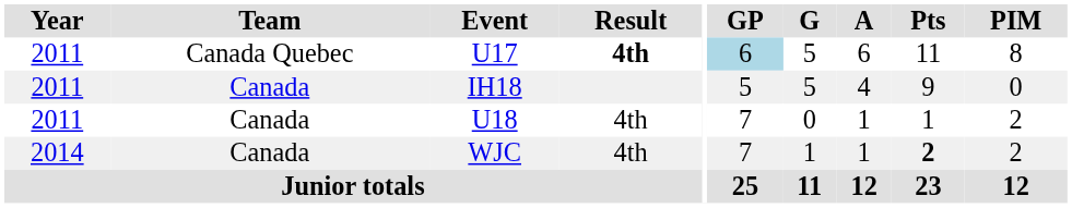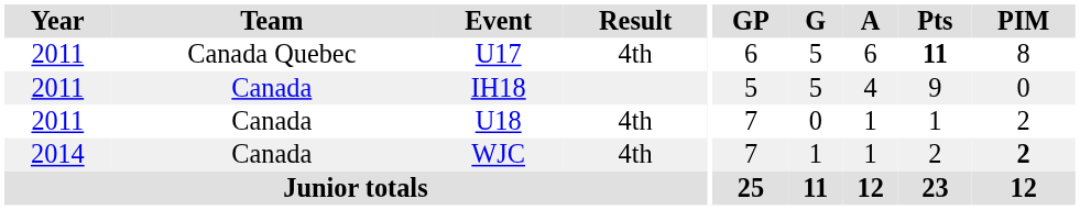 <table border="0" cellpadding="1" cellspacing="0" ID="Table3" style="text-align:center; width:40em">
 <tr ALIGN="center" bgcolor="#e0e0e0">
 <th>Year</th>
 <th>Team</th>
 <th>Event</th>
 <th>Result</th>
 <th rowspan="99" bgcolor="#ffffff"></th>
 <th>GP</th>
 <th>G</th>
 <th>A</th>
 <th>Pts</th>
 <th>PIM</th>
 </tr>
 <tr>
 <td><a href='#'>2011</a></td>
 <td>Canada Quebec</td>
 <td><a href='#'>U17</a></td>
-<td><strong>4th</strong></td>
-<td style="background: lightblue;">6</td>
+<td>4th</td>
+<td>6</td>
 <td>5</td>
 <td>6</td>
-<td>11</td>
+<td><strong>11</strong></td>
 <td>8</td>
 </tr>
 <tr bgcolor="#f0f0f0">
 <td><a href='#'>2011</a></td>
 <td><a href='#'>Canada</a></td>
 <td><a href='#'>IH18</a></td>
 <td></td>
 <td>5</td>
 <td>5</td>
 <td>4</td>
 <td>9</td>
 <td>0</td>
 </tr>
 <tr>
 <td><a href='#'>2011</a></td>
 <td>Canada</td>
 <td><a href='#'>U18</a></td>
 <td>4th</td>
 <td>7</td>
 <td>0</td>
 <td>1</td>
 <td>1</td>
 <td>2</td>
 </tr>
 <tr bgcolor="#f0f0f0">
 <td><a href='#'>2014</a></td>
 <td>Canada</td>
 <td><a href='#'>WJC</a></td>
 <td>4th</td>
 <td>7</td>
 <td>1</td>
 <td>1</td>
+<td>2</td>
 <td><strong>2</strong></td>
-<td>2</td>
 </tr>
 <tr bgcolor="#e0e0e0">
 <th colspan="4">Junior totals</th>
 <th>25</th>
 <th>11</th>
 <th>12</th>
 <th>23</th>
 <th>12</th>
 </tr>
 </table>
